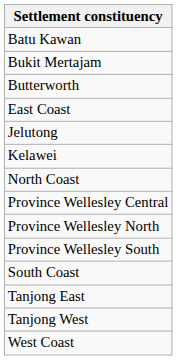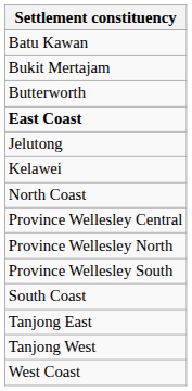 <table class=wikitable>
 <tr>
 <th>Settlement constituency</th>
 </tr>
 <tr>
 <td>Batu Kawan</td>
 </tr>
 <tr>
 <td>Bukit Mertajam</td>
 </tr>
 <tr>
 <td>Butterworth</td>
 </tr>
 <tr>
-<td>East Coast</td>
+<td><strong>East Coast</strong></td>
 </tr>
 <tr>
 <td>Jelutong</td>
 </tr>
 <tr>
 <td>Kelawei</td>
 </tr>
 <tr>
 <td>North Coast</td>
 </tr>
 <tr>
 <td>Province Wellesley Central</td>
 </tr>
 <tr>
 <td>Province Wellesley North</td>
 </tr>
 <tr>
 <td>Province Wellesley South</td>
 </tr>
 <tr>
 <td>South Coast</td>
 </tr>
 <tr>
 <td>Tanjong East</td>
 </tr>
 <tr>
 <td>Tanjong West</td>
 </tr>
 <tr>
 <td>West Coast</td>
 </tr>
 </table>
